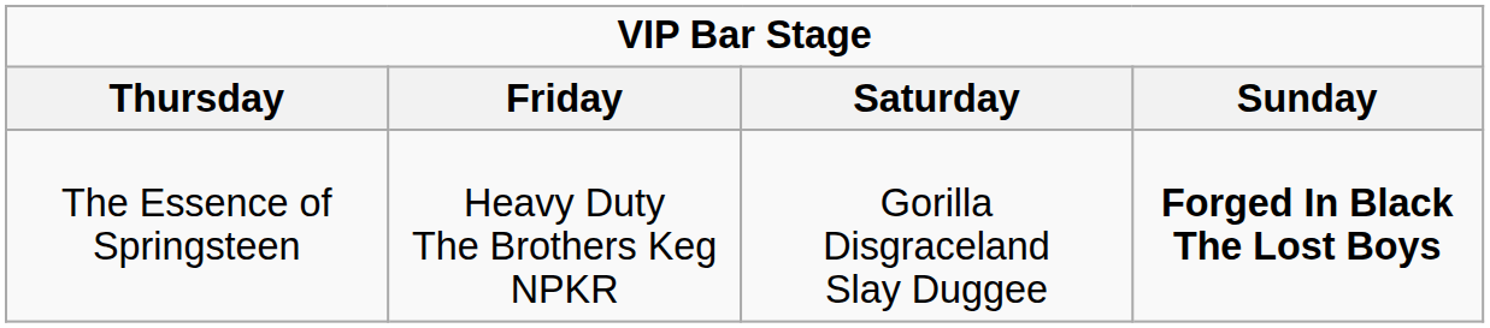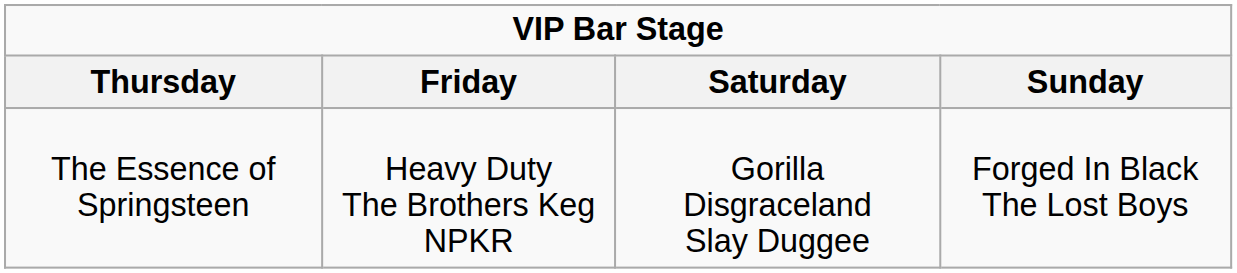 <table class="wikitable">
 <tr>
 <td colspan="4" align="center"><strong>VIP Bar Stage</strong></td>
 </tr>
 <tr>
 <th>Thursday</th>
 <th>Friday</th>
 <th>Saturday</th>
 <th>Sunday</th>
 </tr>
 <tr>
 <td align="center" valign="top" width="200"><br>The Essence of Springsteen</td>
 <td align="center" valign="top" width="200"><br>Heavy Duty<br> The Brothers Keg<br> NPKR</td>
 <td align="center" valign="top" width="200"><br>Gorilla<br> Disgraceland<br> Slay Duggee</td>
-<td align="center" valign="top" width="200"><strong><br>Forged In Black<br> The Lost Boys</strong></td>
+<td align="center" valign="top" width="200"><br>Forged In Black<br> The Lost Boys</td>
 </tr>
 </table>
